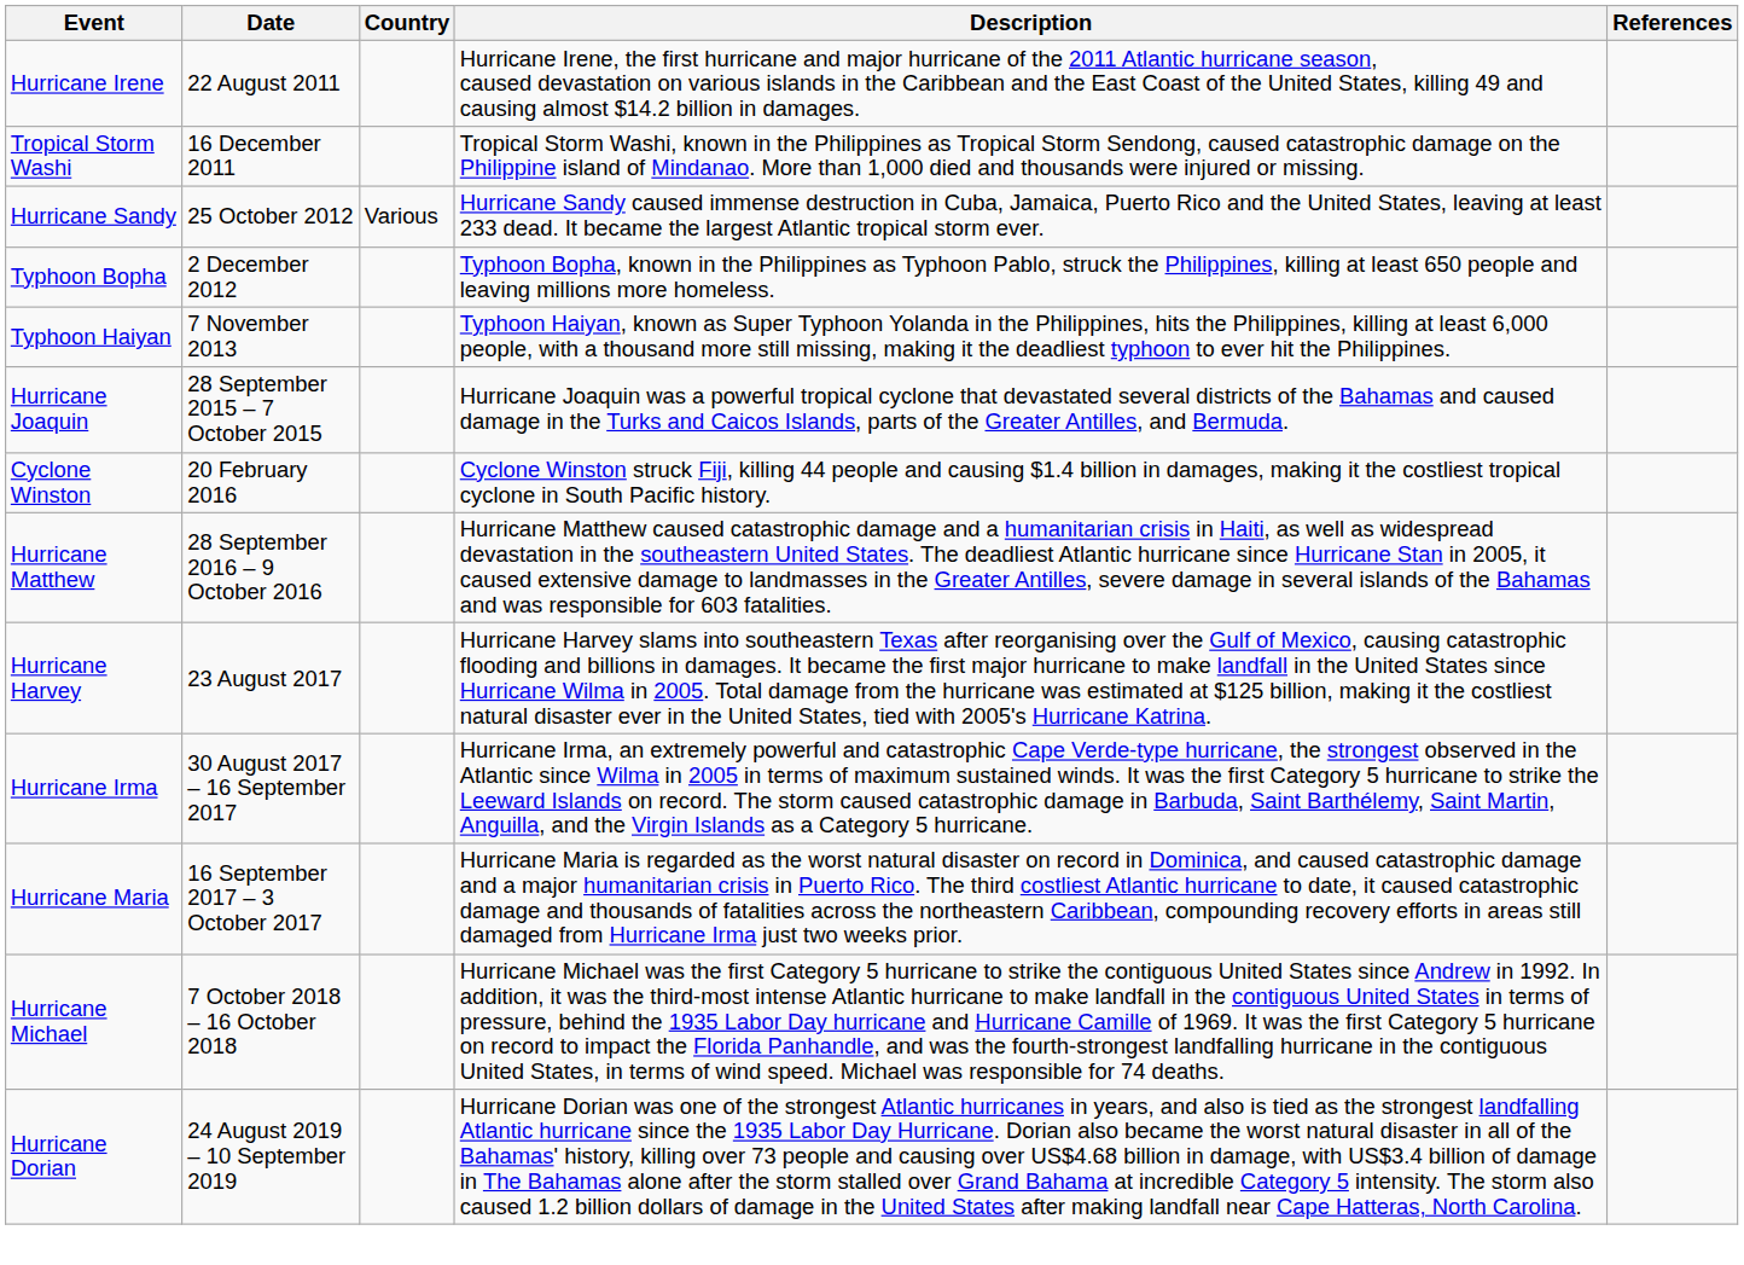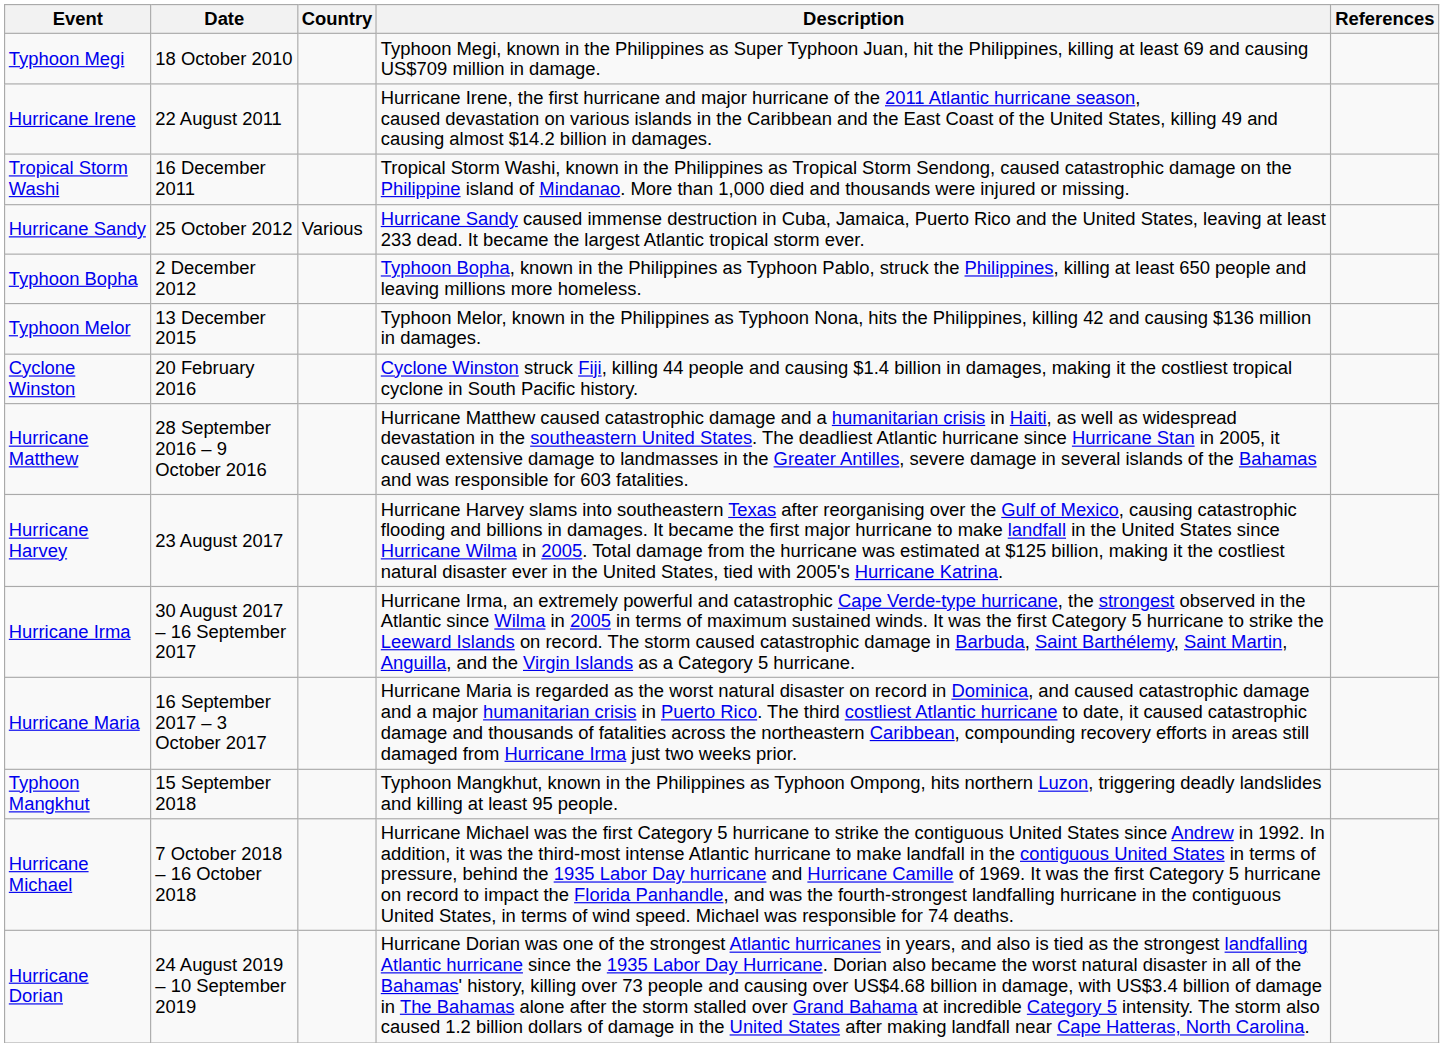 <table class="wikitable sortable mw-collapsible">
 <tr>
 <th style="width:120px;">Event</th>
 <th style="width:120px;">Date</th>
 <th>Country</th>
 <th>Description</th>
 <th>References</th>
+</tr>
+<tr>
+<td><a href='#'>Typhoon Megi</a></td>
+<td>18 October 2010</td>
+<td></td>
+<td>Typhoon Megi, known in the Philippines as Super Typhoon Juan, hit the Philippines, killing at least 69 and causing US$709 million in damage.</td>
+<td></td>
 </tr>
 <tr>
 <td><a href='#'>Hurricane Irene</a></td>
 <td>22 August 2011</td>
 <td></td>
 <td>Hurricane Irene, the first hurricane and major hurricane of the <a href='#'>2011 Atlantic hurricane season</a>,<br>caused devastation on various islands in the Caribbean and the East Coast of the United States, killing 49 and causing almost $14.2 billion in damages.</td>
 </tr>
 <tr>
 <td><a href='#'>Tropical Storm Washi</a></td>
 <td>16 December 2011</td>
 <td></td>
 <td>Tropical Storm Washi, known in the Philippines as Tropical Storm Sendong, caused catastrophic damage on the <a href='#'>Philippine</a> island of <a href='#'>Mindanao</a>. More than 1,000 died and thousands were injured or missing.</td>
 <td></td>
 </tr>
 <tr>
 <td><a href='#'>Hurricane Sandy</a></td>
 <td>25 October 2012</td>
 <td>Various</td>
 <td><a href='#'>Hurricane Sandy</a> caused immense destruction in Cuba, Jamaica, Puerto Rico and the United States, leaving at least 233 dead. It became the largest Atlantic tropical storm ever.</td>
 <td><br></td>
 </tr>
 <tr>
 <td><a href='#'>Typhoon Bopha</a></td>
 <td>2 December 2012</td>
 <td></td>
 <td><a href='#'>Typhoon Bopha</a>, known in the Philippines as Typhoon Pablo, struck the <a href='#'>Philippines</a>, killing at least 650 people and leaving millions more homeless.</td>
 <td></td>
 </tr>
 <tr>
-<td><a href='#'>Typhoon Haiyan</a></td>
-<td>7 November 2013</td>
+<td><a href='#'>Typhoon Melor</a></td>
+<td>13 December 2015</td>
 <td></td>
-<td><a href='#'>Typhoon Haiyan</a>, known as Super Typhoon Yolanda in the Philippines, hits the Philippines, killing at least 6,000 people, with a thousand more still missing, making it the deadliest <a href='#'>typhoon</a> to ever hit the Philippines.</td>
-<td></td>
-</tr>
-<tr>
-<td><a href='#'>Hurricane Joaquin</a></td>
-<td>28 September 2015 – 7 October 2015</td>
-<td></td>
-<td>Hurricane Joaquin was a powerful tropical cyclone that devastated several districts of the <a href='#'>Bahamas</a> and caused damage in the <a href='#'>Turks and Caicos Islands</a>, parts of the <a href='#'>Greater Antilles</a>, and <a href='#'>Bermuda</a>.</td>
+<td>Typhoon Melor, known in the Philippines as Typhoon Nona, hits the Philippines, killing 42 and causing $136 million in damages.</td>
 <td></td>
 </tr>
 <tr>
 <td><a href='#'>Cyclone Winston</a></td>
 <td>20 February 2016</td>
 <td></td>
 <td><a href='#'>Cyclone Winston</a> struck <a href='#'>Fiji</a>, killing 44 people and causing $1.4 billion in damages, making it the costliest tropical cyclone in South Pacific history.</td>
 <td></td>
 </tr>
 <tr>
 <td><a href='#'>Hurricane Matthew</a></td>
 <td>28 September 2016 – 9 October 2016</td>
 <td></td>
 <td>Hurricane Matthew caused catastrophic damage and a <a href='#'>humanitarian crisis</a> in <a href='#'>Haiti</a>, as well as widespread devastation in the <a href='#'>southeastern United States</a>. The deadliest Atlantic hurricane since <a href='#'>Hurricane Stan</a> in 2005, it caused extensive damage to landmasses in the <a href='#'>Greater Antilles</a>, severe damage in several islands of the <a href='#'>Bahamas</a> and was responsible for 603 fatalities.</td>
 <td></td>
 </tr>
 <tr>
 <td><a href='#'>Hurricane Harvey</a></td>
 <td>23 August 2017</td>
 <td></td>
 <td>Hurricane Harvey slams into southeastern <a href='#'>Texas</a> after reorganising over the <a href='#'>Gulf of Mexico</a>, causing catastrophic flooding and billions in damages. It became the first major hurricane to make <a href='#'>landfall</a> in the United States since <a href='#'>Hurricane Wilma</a> in <a href='#'>2005</a>. Total damage from the hurricane was estimated at $125 billion, making it the costliest natural disaster ever in the United States, tied with 2005's <a href='#'>Hurricane Katrina</a>.</td>
 <td></td>
 </tr>
 <tr>
 <td><a href='#'>Hurricane Irma</a></td>
 <td>30 August 2017 – 16 September 2017</td>
 <td><br> </td>
 <td>Hurricane Irma, an extremely powerful and catastrophic <a href='#'>Cape Verde-type hurricane</a>, the <a href='#'>strongest</a> observed in the Atlantic since <a href='#'>Wilma</a> in <a href='#'>2005</a> in terms of maximum sustained winds. It was the first Category 5 hurricane to strike the <a href='#'>Leeward Islands</a> on record. The storm caused catastrophic damage in <a href='#'>Barbuda</a>, <a href='#'>Saint Barthélemy</a>, <a href='#'>Saint Martin</a>, <a href='#'>Anguilla</a>, and the <a href='#'>Virgin Islands</a> as a Category 5 hurricane.</td>
 <td></td>
 </tr>
 <tr>
 <td><a href='#'>Hurricane Maria</a></td>
 <td>16 September 2017 – 3 October 2017</td>
 <td></td>
 <td>Hurricane Maria is regarded as the worst natural disaster on record in <a href='#'>Dominica</a>, and caused catastrophic damage and a major <a href='#'>humanitarian crisis</a> in <a href='#'>Puerto Rico</a>. The third <a href='#'>costliest Atlantic hurricane</a> to date, it caused catastrophic damage and thousands of fatalities across the northeastern <a href='#'>Caribbean</a>, compounding recovery efforts in areas still damaged from <a href='#'>Hurricane Irma</a> just two weeks prior.</td>
 <td></td>
 </tr>
 <tr>
+<td><a href='#'>Typhoon Mangkhut</a></td>
+<td>15 September 2018</td>
+<td></td>
+<td>Typhoon Mangkhut, known in the Philippines as Typhoon Ompong, hits northern <a href='#'>Luzon</a>, triggering deadly landslides and killing at least 95 people.</td>
+<td></td>
+</tr>
+<tr>
 <td><a href='#'>Hurricane Michael</a></td>
 <td>7 October 2018 – 16 October 2018</td>
 <td></td>
 <td>Hurricane Michael was the first Category 5 hurricane to strike the contiguous United States since <a href='#'>Andrew</a> in 1992. In addition, it was the third-most intense Atlantic hurricane to make landfall in the <a href='#'>contiguous United States</a> in terms of pressure, behind the <a href='#'>1935 Labor Day hurricane</a> and <a href='#'>Hurricane Camille</a> of 1969. It was the first Category 5 hurricane on record to impact the <a href='#'>Florida Panhandle</a>, and was the fourth-strongest landfalling hurricane in the contiguous United States, in terms of wind speed. Michael was responsible for 74 deaths.</td>
 <td></td>
 </tr>
 <tr>
 <td><a href='#'>Hurricane Dorian</a></td>
 <td>24 August 2019 – 10 September 2019</td>
 <td> </td>
 <td>Hurricane Dorian was one of the strongest <a href='#'>Atlantic hurricanes</a> in years, and also is tied as the strongest <a href='#'>landfalling</a> <a href='#'>Atlantic hurricane</a> since the <a href='#'>1935 Labor Day Hurricane</a>. Dorian also became the worst natural disaster in all of the <a href='#'>Bahamas</a>' history, killing over 73 people and causing over US$4.68 billion in damage, with US$3.4 billion of damage in <a href='#'>The Bahamas</a> alone after the storm stalled over <a href='#'>Grand Bahama</a> at incredible <a href='#'>Category 5</a> intensity. The storm also caused 1.2 billion dollars of damage in the <a href='#'>United States</a> after making landfall near <a href='#'>Cape Hatteras, North Carolina</a>.</td>
 <td></td>
 </tr>
 </table>
